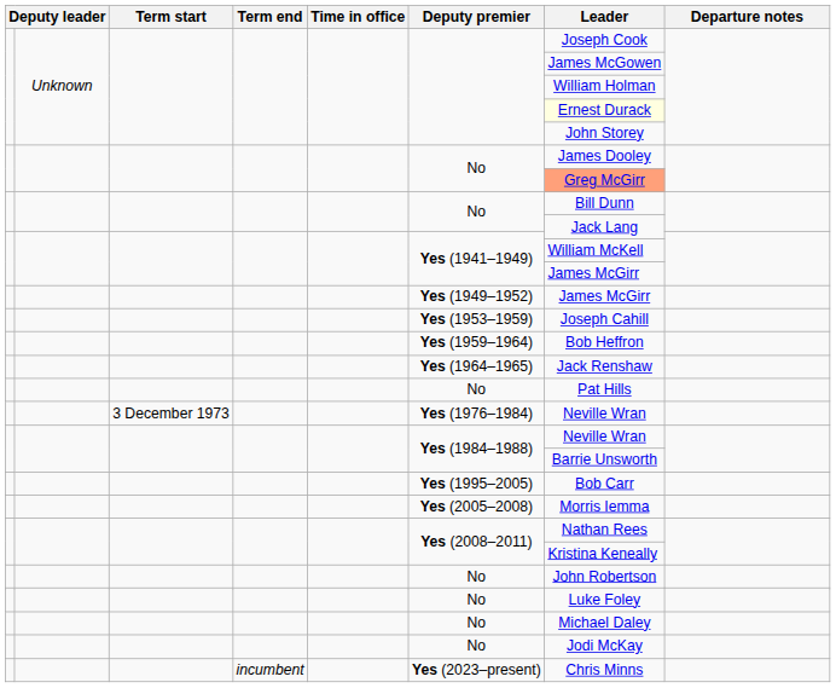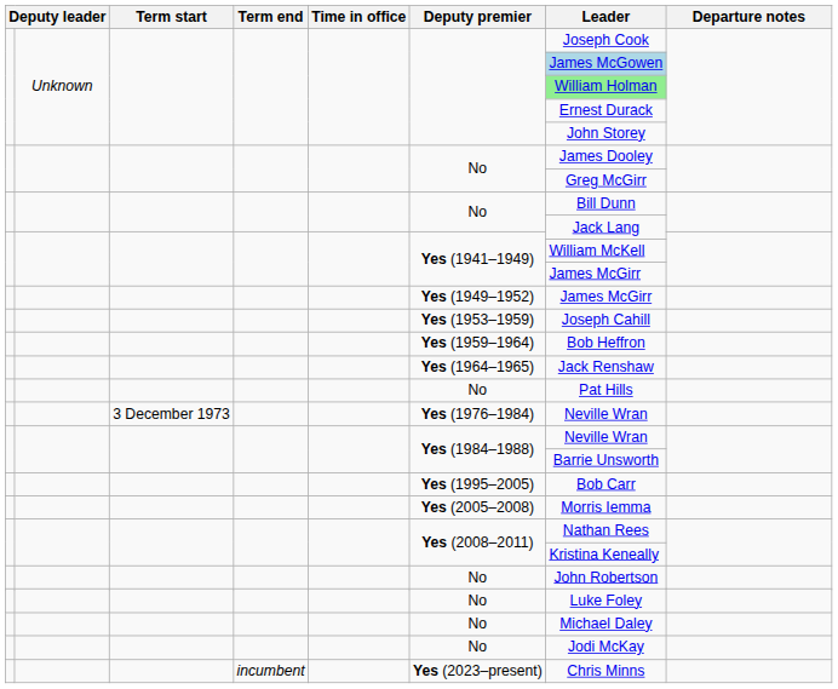 <table class="wikitable sortable">
 <tr>
 <th colspan=2>Deputy leader</th>
 <th>Term start</th>
 <th>Term end</th>
 <th>Time in office</th>
 <th>Deputy premier</th>
 <th>Leader</th>
 <th width=20%>Departure notes</th>
 </tr>
 <tr align=center>
 <td rowspan=5></td>
 <td rowspan=5><em>Unknown</em></td>
 <td rowspan=5></td>
 <td rowspan=5></td>
 <td rowspan=5></td>
 <td rowspan=5></td>
 <td><a href='#'>Joseph Cook</a></td>
 <td rowspan=5></td>
 </tr>
 <tr align=center>
-<td><a href='#'>James McGowen</a></td>
+<td style="background: lightblue;"><a href='#'>James McGowen</a></td>
 </tr>
 <tr align=center>
-<td><a href='#'>William Holman</a></td>
+<td style="background: lightgreen;"><a href='#'>William Holman</a></td>
 </tr>
 <tr align=center>
-<td style="background: lightyellow;"><a href='#'>Ernest Durack</a></td>
+<td><a href='#'>Ernest Durack</a></td>
 </tr>
 <tr align=center>
 <td><a href='#'>John Storey</a></td>
 </tr>
 <tr align=center>
 <td rowspan=2></td>
 <td rowspan=2></td>
 <td rowspan=2></td>
 <td rowspan=2></td>
 <td rowspan=2></td>
 <td rowspan=2>No</td>
 <td><a href='#'>James Dooley</a></td>
 <td rowspan=2></td>
 </tr>
 <tr align=center>
-<td style="background: lightsalmon;"><a href='#'>Greg McGirr</a></td>
+<td><a href='#'>Greg McGirr</a></td>
 </tr>
 <tr align=center>
 <td rowspan="2"></td>
 <td rowspan="2"></td>
 <td rowspan="2"></td>
 <td rowspan="2"></td>
 <td rowspan="2"></td>
 <td rowspan="2">No</td>
 <td><a href='#'>Bill Dunn</a></td>
 <td rowspan="2"><br> </td>
 </tr>
 <tr align="center">
 <td rowspan="2"><a href='#'>Jack Lang</a></td>
 </tr>
 <tr align=center>
 <td rowspan="3"></td>
 <td rowspan="3"></td>
 <td rowspan="3"></td>
 <td rowspan="3"></td>
 <td rowspan="3"></td>
 <td rowspan="3"><strong>Yes</strong> (1941–1949)</td>
 <td rowspan="3"></td>
 </tr>
 <tr>
 <td><a href='#'>William McKell</a></td>
 </tr>
 <tr>
 <td><a href='#'>James McGirr</a></td>
 </tr>
 <tr align=center>
 <td></td>
 <td></td>
 <td></td>
 <td></td>
 <td></td>
 <td><strong>Yes</strong> (1949–1952)</td>
 <td><a href='#'>James McGirr</a></td>
 <td></td>
 </tr>
 <tr align=center>
 <td></td>
 <td></td>
 <td></td>
 <td></td>
 <td></td>
 <td><strong>Yes</strong> (1953–1959)</td>
 <td><a href='#'>Joseph Cahill</a></td>
 <td></td>
 </tr>
 <tr align=center>
 <td></td>
 <td></td>
 <td></td>
 <td></td>
 <td></td>
 <td><strong>Yes</strong> (1959–1964)</td>
 <td><a href='#'>Bob Heffron</a></td>
 <td></td>
 </tr>
 <tr align=center>
 <td></td>
 <td></td>
 <td></td>
 <td></td>
 <td></td>
 <td><strong>Yes</strong> (1964–1965)</td>
 <td><a href='#'>Jack Renshaw</a></td>
 <td></td>
 </tr>
 <tr align=center>
 <td></td>
 <td></td>
 <td></td>
 <td></td>
 <td></td>
 <td>No</td>
 <td><a href='#'>Pat Hills</a></td>
 <td></td>
 </tr>
 <tr align=center>
 <td></td>
 <td></td>
 <td>3 December 1973</td>
 <td></td>
 <td></td>
 <td><strong>Yes</strong> (1976–1984)</td>
 <td><a href='#'>Neville Wran</a></td>
 <td></td>
 </tr>
 <tr align=center>
 <td rowspan=2></td>
 <td rowspan=2></td>
 <td rowspan=2></td>
 <td rowspan=2></td>
 <td rowspan=2></td>
 <td rowspan=2><strong>Yes</strong> (1984–1988)</td>
 <td><a href='#'>Neville Wran</a></td>
 <td rowspan=2></td>
 </tr>
 <tr align=center>
 <td><a href='#'>Barrie Unsworth</a></td>
 </tr>
 <tr align=center>
 <td></td>
 <td></td>
 <td></td>
 <td></td>
 <td></td>
 <td><strong>Yes</strong> (1995–2005)</td>
 <td><a href='#'>Bob Carr</a></td>
 <td></td>
 </tr>
 <tr align=center>
 <td></td>
 <td></td>
 <td></td>
 <td></td>
 <td></td>
 <td><strong>Yes</strong> (2005–2008)</td>
 <td><a href='#'>Morris Iemma</a></td>
 <td></td>
 </tr>
 <tr align=center>
 <td rowspan=2></td>
 <td rowspan=2></td>
 <td rowspan=2></td>
 <td rowspan=2></td>
 <td rowspan=2></td>
 <td rowspan=2><strong>Yes</strong> (2008–2011)</td>
 <td><a href='#'>Nathan Rees</a></td>
 <td rowspan=2></td>
 </tr>
 <tr align-center>
 <td><a href='#'>Kristina Keneally</a></td>
 </tr>
 <tr align=center>
 <td rowspan=2></td>
 <td rowspan=2></td>
 <td rowspan=2></td>
 <td rowspan=2></td>
 <td rowspan=2></td>
 <td rowspan=2>No</td>
 <td><a href='#'>John Robertson</a></td>
 <td rowspan=2></td>
 </tr>
 <tr align=center>
 <td rowspan=2><a href='#'>Luke Foley</a></td>
 </tr>
 <tr align=center>
 <td></td>
 <td></td>
 <td></td>
 <td></td>
 <td></td>
 <td>No</td>
 <td></td>
 </tr>
 <tr align=center>
 <td></td>
 <td></td>
 <td></td>
 <td></td>
 <td></td>
 <td>No</td>
 <td><a href='#'>Michael Daley</a></td>
 <td></td>
 </tr>
 <tr align=center>
 <td></td>
 <td></td>
 <td></td>
 <td></td>
 <td></td>
 <td>No</td>
 <td><a href='#'>Jodi McKay</a></td>
 <td></td>
 </tr>
 <tr align=center>
 <td></td>
 <td></td>
 <td></td>
 <td><em>incumbent</em></td>
 <td></td>
 <td><strong>Yes</strong> (2023–present)</td>
 <td><a href='#'>Chris Minns</a></td>
 <td></td>
 </tr>
 </table>
